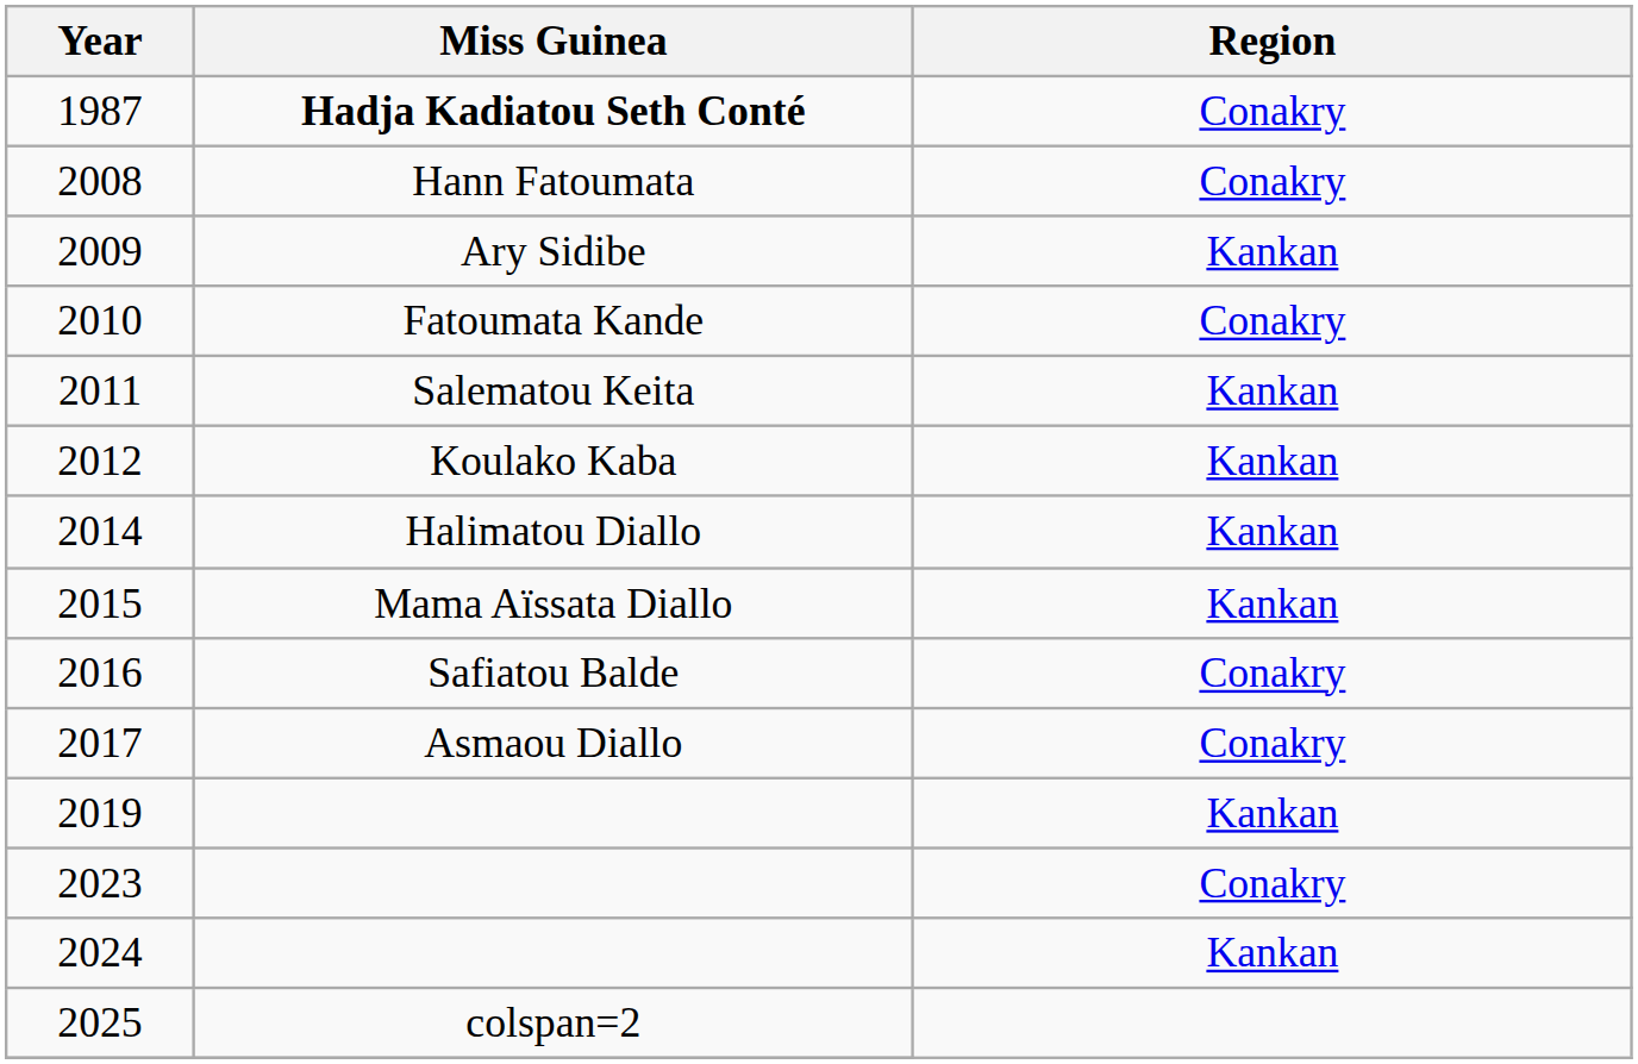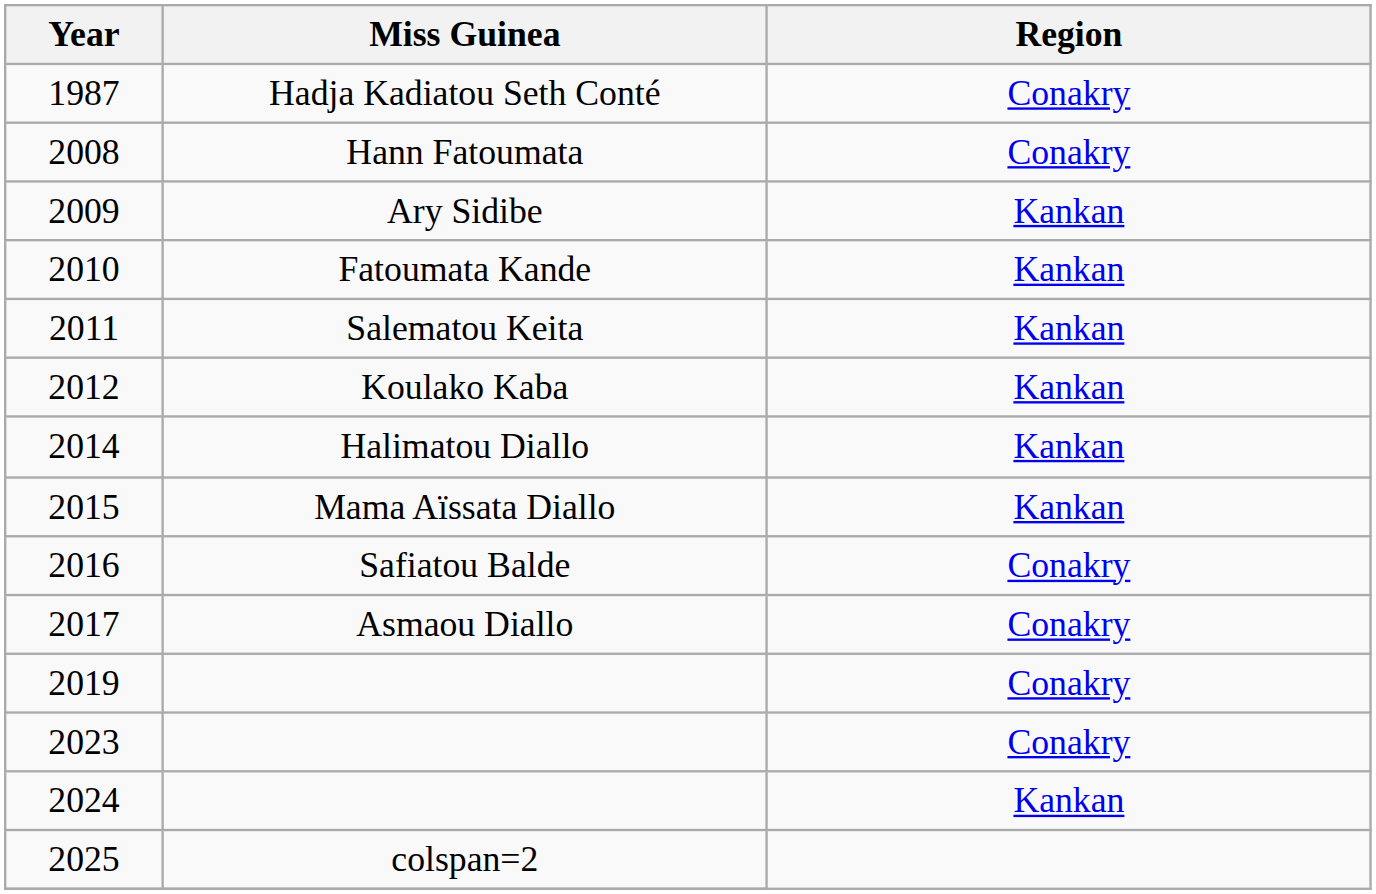 <table class="wikitable sortable" style="font-size: 95%; text-align:center">
 <tr>
 <th width="60">Year</th>
 <th width="250">Miss Guinea</th>
 <th width="250">Region</th>
 </tr>
 <tr>
 <td>1987</td>
-<td><strong>Hadja Kadiatou Seth Conté</strong></td>
+<td>Hadja Kadiatou Seth Conté</td>
 <td><a href='#'>Conakry</a></td>
 </tr>
 <tr>
 <td>2008</td>
 <td>Hann Fatoumata</td>
 <td><a href='#'>Conakry</a></td>
 </tr>
 <tr>
 <td>2009</td>
 <td>Ary Sidibe</td>
 <td><a href='#'>Kankan</a></td>
 </tr>
 <tr>
 <td>2010</td>
 <td>Fatoumata Kande</td>
-<td><a href='#'>Conakry</a></td>
+<td><a href='#'>Kankan</a></td>
 </tr>
 <tr>
 <td>2011</td>
 <td>Salematou Keita</td>
 <td><a href='#'>Kankan</a></td>
 </tr>
 <tr>
 <td>2012</td>
 <td>Koulako Kaba</td>
 <td><a href='#'>Kankan</a></td>
 </tr>
 <tr>
 <td>2014</td>
 <td>Halimatou Diallo</td>
 <td><a href='#'>Kankan</a></td>
 </tr>
 <tr>
 <td>2015</td>
 <td>Mama Aïssata Diallo</td>
 <td><a href='#'>Kankan</a></td>
 </tr>
 <tr>
 <td>2016</td>
 <td>Safiatou Balde</td>
 <td><a href='#'>Conakry</a></td>
 </tr>
 <tr>
 <td>2017</td>
 <td>Asmaou Diallo</td>
 <td><a href='#'>Conakry</a></td>
 </tr>
 <tr>
 <td>2019</td>
 <td></td>
-<td><a href='#'>Kankan</a></td>
+<td><a href='#'>Conakry</a></td>
 </tr>
 <tr>
 <td>2023</td>
 <td></td>
 <td><a href='#'>Conakry</a></td>
 </tr>
 <tr>
 <td>2024</td>
 <td></td>
 <td><a href='#'>Kankan</a></td>
 </tr>
 <tr>
 <td>2025</td>
 <td>colspan=2 </td>
 </tr>
 <tr>
 </tr>
 </table>
